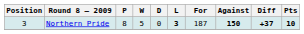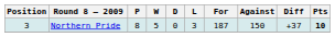 <table class="wikitable" style="text-align:center; font-size:85%;">
 <tr>
 <th width=40 abbr="Position">Position</th>
 <th width=100>Round 8 – 2009</th>
 <th width=20 abbr="Played">P</th>
 <th width=20 abbr="Won">W</th>
 <th width=20 abbr="Drawn">D</th>
 <th width=20 abbr="Lost">L</th>
 <th width=40 abbr="Points for">For</th>
 <th width=40 abbr="Points against">Against</th>
 <th width=40 abbr="Points difference">Diff</th>
 <th width=20 abbr="Points">Pts</th>
 </tr>
 <tr style="background: #d7ebed;">
 <td>3</td>
 <td style="text-align:left;"> <a href='#'>Northern Pride</a></td>
 <td>8</td>
 <td>5</td>
 <td>0</td>
-<td><strong>3</strong></td>
+<td>3</td>
 <td>187</td>
-<td><strong>150</strong></td>
-<td><strong>+37</strong></td>
+<td>150</td>
+<td>+37</td>
 <td><strong>10</strong></td>
 </tr>
 <tr>
 </tr>
 </table>
